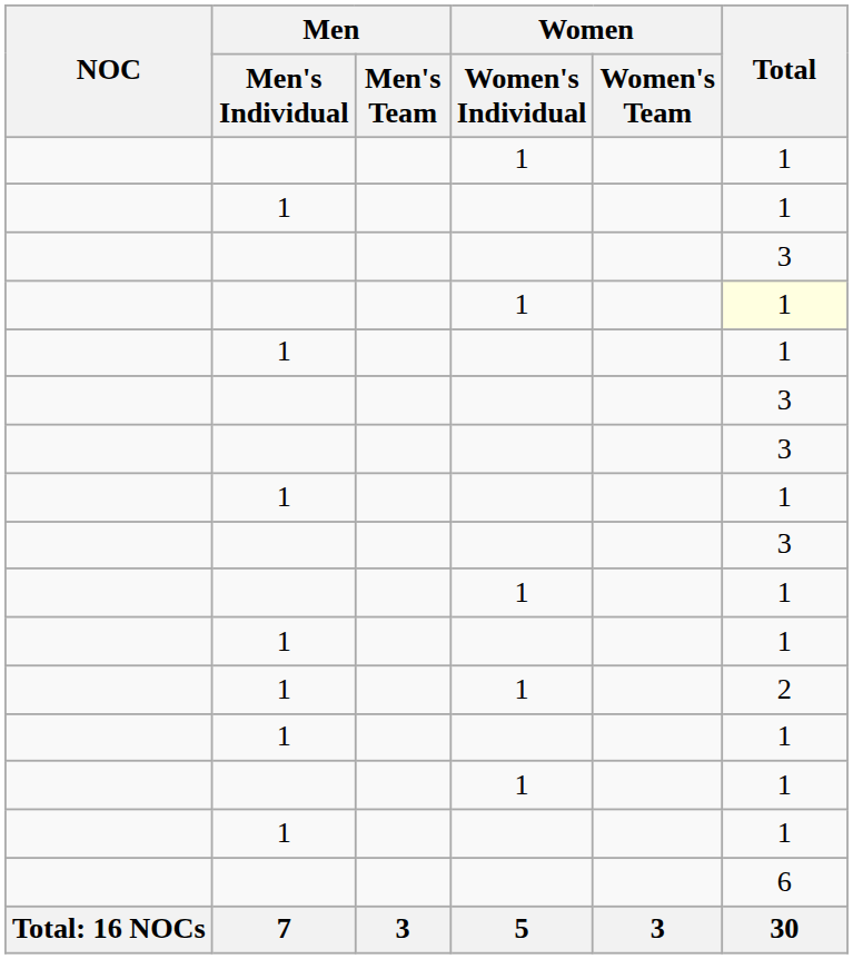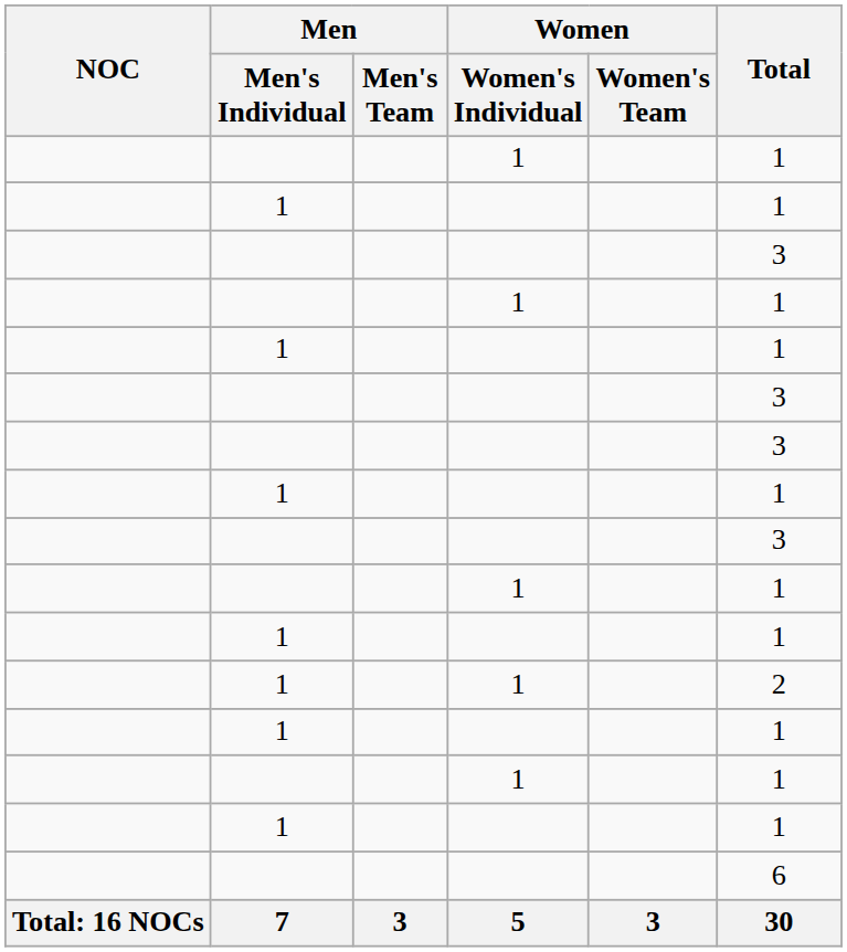 <table class="wikitable" style="text-align:center; font-size:90%">
 <tr>
 <th rowspan="2" align=leftwidth="130">NOC</th>
 <th colspan="2">Men</th>
 <th colspan="2">Women</th>
 <th rowspan="2" width="55">Total</th>
 </tr>
 <tr>
 <th width="40">Men's Individual</th>
 <th width="40">Men's Team</th>
 <th width="40">Women's Individual</th>
 <th width="40">Women's Team</th>
 </tr>
 <tr>
 <td style="text-align:left;"></td>
 <td></td>
 <td></td>
 <td>1</td>
 <td></td>
 <td>1</td>
 </tr>
 <tr>
 <td style="text-align:left;"></td>
 <td>1</td>
 <td></td>
 <td></td>
 <td></td>
 <td>1</td>
 </tr>
 <tr>
 <td style="text-align:left;"></td>
 <td></td>
 <td></td>
 <td></td>
 <td></td>
 <td>3</td>
 </tr>
 <tr>
 <td style="text-align:left;"></td>
 <td></td>
 <td></td>
 <td>1</td>
 <td></td>
-<td style="background: lightyellow;">1</td>
+<td>1</td>
 </tr>
 <tr>
 <td style="text-align:left;"></td>
 <td>1</td>
 <td></td>
 <td></td>
 <td></td>
 <td>1</td>
 </tr>
 <tr>
 <td style="text-align:left;"></td>
 <td></td>
 <td></td>
 <td></td>
 <td></td>
 <td>3</td>
 </tr>
 <tr>
 <td style="text-align:left;"></td>
 <td></td>
 <td></td>
 <td></td>
 <td></td>
 <td>3</td>
 </tr>
 <tr>
 <td style="text-align:left;"></td>
 <td>1</td>
 <td></td>
 <td></td>
 <td></td>
 <td>1</td>
 </tr>
 <tr>
 <td style="text-align:left;"></td>
 <td></td>
 <td></td>
 <td></td>
 <td></td>
 <td>3</td>
 </tr>
 <tr>
 <td style="text-align:left;"></td>
 <td></td>
 <td></td>
 <td>1</td>
 <td></td>
 <td>1</td>
 </tr>
 <tr>
 <td style="text-align:left;"></td>
 <td>1</td>
 <td></td>
 <td></td>
 <td></td>
 <td>1</td>
 </tr>
 <tr>
 <td style="text-align:left;"></td>
 <td>1</td>
 <td></td>
 <td>1</td>
 <td></td>
 <td>2</td>
 </tr>
 <tr>
 <td style="text-align:left;"></td>
 <td>1</td>
 <td></td>
 <td></td>
 <td></td>
 <td>1</td>
 </tr>
 <tr>
 <td style="text-align:left;"></td>
 <td></td>
 <td></td>
 <td>1</td>
 <td></td>
 <td>1</td>
 </tr>
 <tr>
 <td style="text-align:left;"></td>
 <td>1</td>
 <td></td>
 <td></td>
 <td></td>
 <td>1</td>
 </tr>
 <tr>
 <td style="text-align:left;"></td>
 <td></td>
 <td></td>
 <td></td>
 <td></td>
 <td>6</td>
 </tr>
 <tr>
 <th>Total: 16 NOCs</th>
 <th>7</th>
 <th>3</th>
 <th>5</th>
 <th>3</th>
 <th>30</th>
 </tr>
 </table>
